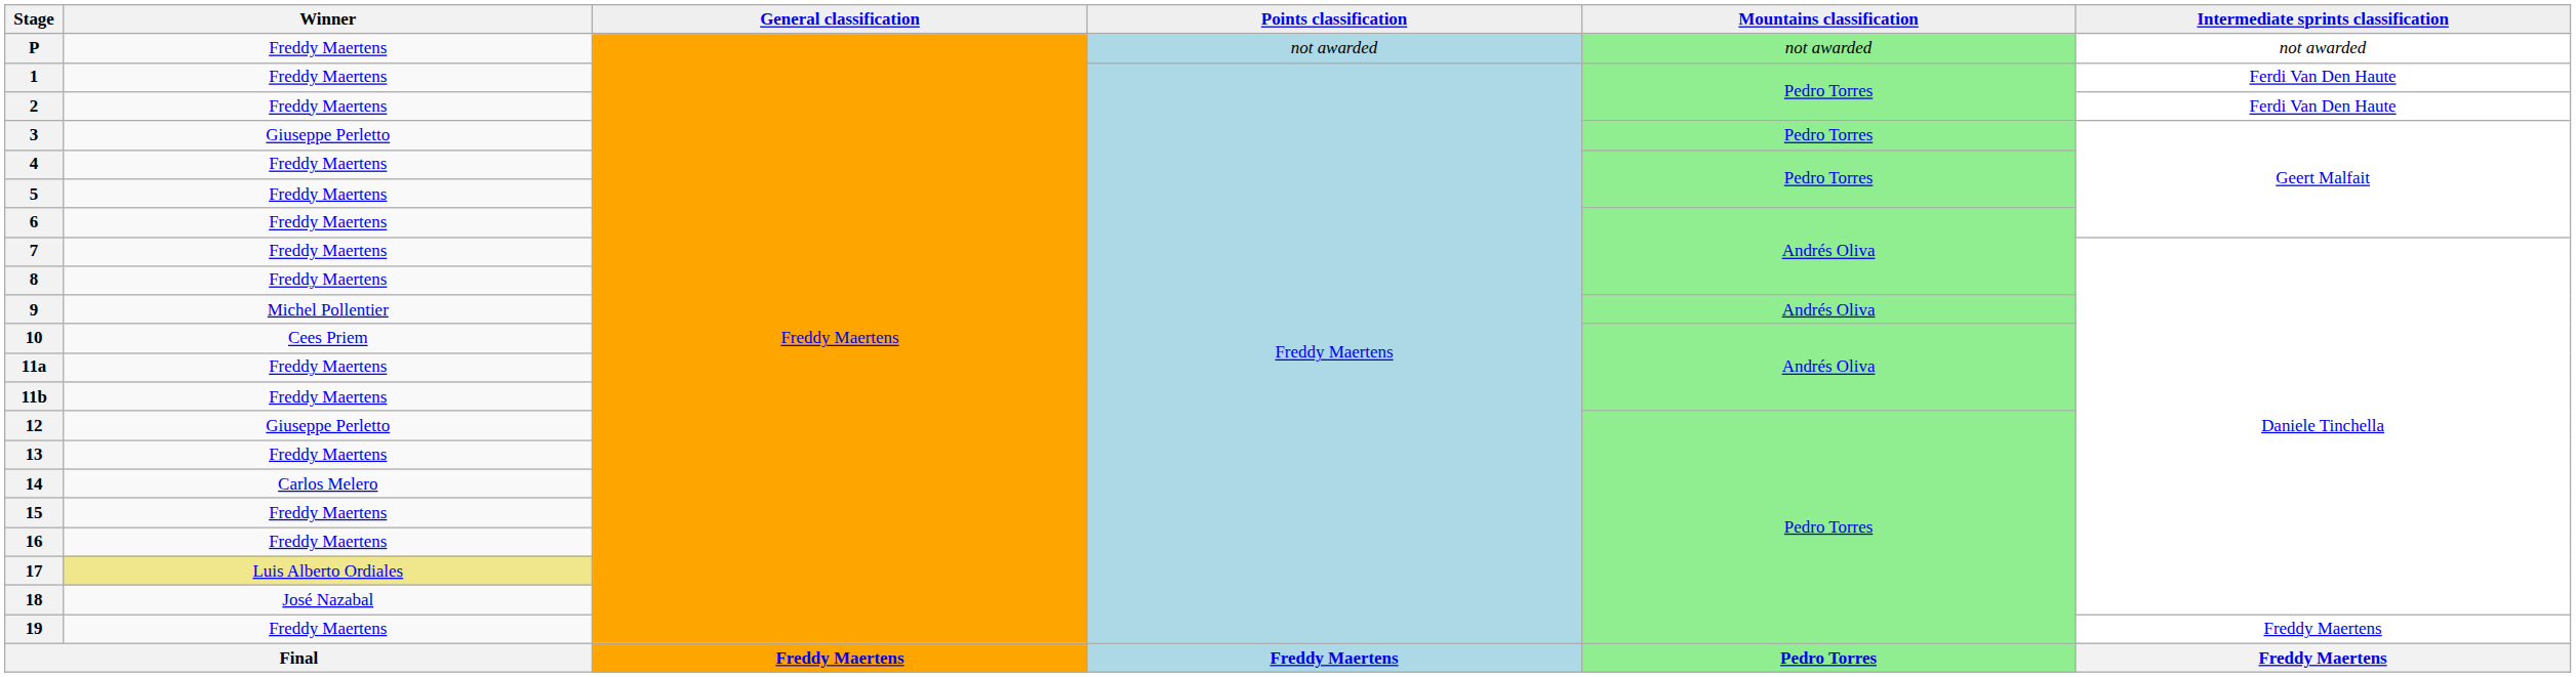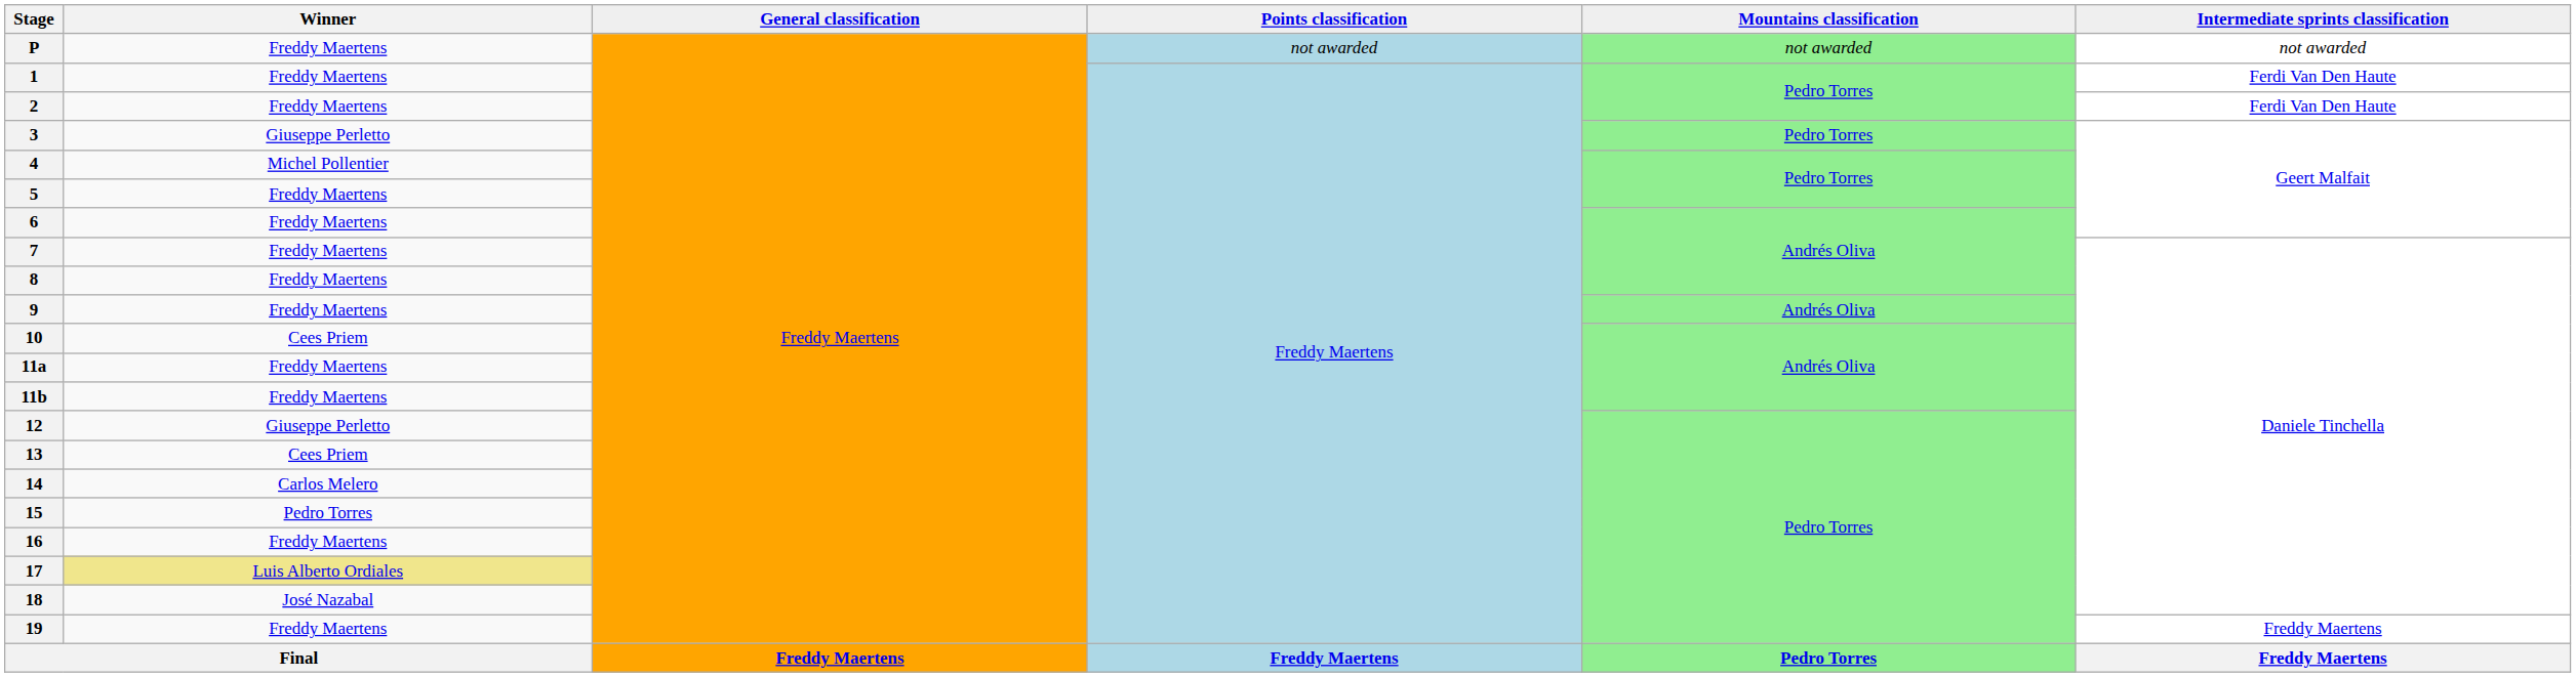 <table class="wikitable" style="text-align: center; font-size:smaller;">
 <tr style="background:#efefef;">
 <th style="width:1%;">Stage</th>
 <th style="width:15%;">Winner</th>
 <th style="background:#efefef; width:14%;"><a href='#'>General classification</a><br></th>
 <th style="background:#efefef; width:14%;"><a href='#'>Points classification</a><br></th>
 <th style="background:#efefef; width:14%;"><a href='#'>Mountains classification</a><br></th>
 <th style="background:#efefef; width:14%;"><a href='#'>Intermediate sprints classification</a></th>
 </tr>
 <tr>
 <th>P</th>
 <td><a href='#'>Freddy Maertens</a></td>
 <td style="background:orange;" rowspan="21"><a href='#'>Freddy Maertens</a></td>
 <td style="background:lightblue;" rowspan="1"><em>not awarded</em></td>
 <td style="background:lightgreen;" rowspan="1"><em>not awarded</em></td>
 <td style="background:white;" rowspan="1"><em>not awarded</em></td>
 </tr>
 <tr>
 <th>1</th>
 <td><a href='#'>Freddy Maertens</a></td>
 <td style="background:lightblue;" rowspan="20"><a href='#'>Freddy Maertens</a></td>
 <td style="background:lightgreen;" rowspan="2"><a href='#'>Pedro Torres</a></td>
 <td style="background:white;" rowspan="1"><a href='#'>Ferdi Van Den Haute</a></td>
 </tr>
 <tr>
 <th>2</th>
 <td><a href='#'>Freddy Maertens</a></td>
 <td style="background:white;" rowspan="1"><a href='#'>Ferdi Van Den Haute</a></td>
 </tr>
 <tr>
 <th>3</th>
 <td><a href='#'>Giuseppe Perletto</a></td>
 <td style="background:lightgreen;" rowspan="1"><a href='#'>Pedro Torres</a></td>
 <td style="background:white;" rowspan="4"><a href='#'>Geert Malfait</a></td>
 </tr>
 <tr>
 <th>4</th>
-<td><a href='#'>Freddy Maertens</a></td>
+<td><a href='#'>Michel Pollentier</a></td>
 <td style="background:lightgreen;" rowspan="2"><a href='#'>Pedro Torres</a></td>
 </tr>
 <tr>
 <th>5</th>
 <td><a href='#'>Freddy Maertens</a></td>
 </tr>
 <tr>
 <th>6</th>
 <td><a href='#'>Freddy Maertens</a></td>
 <td style="background:lightgreen;" rowspan="3"><a href='#'>Andrés Oliva</a></td>
 </tr>
 <tr>
 <th>7</th>
 <td><a href='#'>Freddy Maertens</a></td>
 <td style="background:white;" rowspan="13"><a href='#'>Daniele Tinchella</a></td>
 </tr>
 <tr>
 <th>8</th>
 <td><a href='#'>Freddy Maertens</a></td>
 </tr>
 <tr>
 <th>9</th>
-<td><a href='#'>Michel Pollentier</a></td>
+<td><a href='#'>Freddy Maertens</a></td>
 <td style="background:lightgreen;" rowspan="1"><a href='#'>Andrés Oliva</a></td>
 </tr>
 <tr>
 <th>10</th>
 <td><a href='#'>Cees Priem</a></td>
 <td style="background:lightgreen;" rowspan="3"><a href='#'>Andrés Oliva</a></td>
 </tr>
 <tr>
 <th>11a</th>
 <td><a href='#'>Freddy Maertens</a></td>
 </tr>
 <tr>
 <th>11b</th>
 <td><a href='#'>Freddy Maertens</a></td>
 </tr>
 <tr>
 <th>12</th>
 <td><a href='#'>Giuseppe Perletto</a></td>
 <td style="background:lightgreen;" rowspan="8"><a href='#'>Pedro Torres</a></td>
 </tr>
 <tr>
 <th>13</th>
-<td><a href='#'>Freddy Maertens</a></td>
+<td><a href='#'>Cees Priem</a></td>
 </tr>
 <tr>
 <th>14</th>
 <td><a href='#'>Carlos Melero</a></td>
 </tr>
 <tr>
 <th>15</th>
-<td><a href='#'>Freddy Maertens</a></td>
+<td><a href='#'>Pedro Torres</a></td>
 </tr>
 <tr>
 <th>16</th>
 <td><a href='#'>Freddy Maertens</a></td>
 </tr>
 <tr>
 <th>17</th>
 <td style="background: khaki;"><a href='#'>Luis Alberto Ordiales</a></td>
 </tr>
 <tr>
 <th>18</th>
 <td><a href='#'>José Nazabal</a></td>
 </tr>
 <tr>
 <th>19</th>
 <td><a href='#'>Freddy Maertens</a></td>
 <td style="background:white;" rowspan="1"><a href='#'>Freddy Maertens</a></td>
 </tr>
 <tr>
 <th colspan=2><strong>Final</strong></th>
 <th style="background:orange"><strong><a href='#'>Freddy Maertens</a></strong></th>
 <th style="background:lightblue"><strong><a href='#'>Freddy Maertens</a></strong></th>
 <th style="background:lightgreen"><strong><a href='#'>Pedro Torres</a></strong></th>
 <th style="background:offwhite;"><strong><a href='#'>Freddy Maertens</a></strong></th>
 </tr>
 </table>
